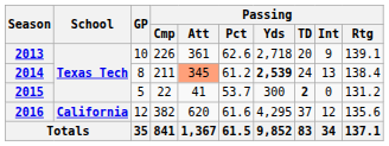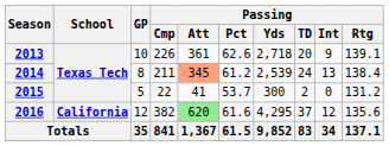 <table class="wikitable" style="text-align:center;">
 <tr>
 <th rowspan="2">Season</th>
 <th rowspan="2">School</th>
 <th rowspan="2">GP</th>
 <th colspan="7">Passing</th>
 </tr>
 <tr>
 <th>Cmp</th>
 <th>Att</th>
 <th>Pct</th>
 <th>Yds</th>
 <th>TD</th>
 <th>Int</th>
 <th>Rtg</th>
 </tr>
 <tr>
 <th><a href='#'>2013</a></th>
 <th rowspan="3"><a href='#'>Texas Tech</a></th>
 <td>10</td>
 <td>226</td>
 <td>361</td>
 <td>62.6</td>
 <td>2,718</td>
 <td>20</td>
 <td>9</td>
 <td>139.1</td>
 </tr>
 <tr>
 <th><a href='#'>2014</a></th>
 <td>8</td>
 <td>211</td>
 <td style="background: lightsalmon;">345</td>
 <td>61.2</td>
-<td><strong>2,539</strong></td>
+<td>2,539</td>
 <td>24</td>
 <td>13</td>
 <td>138.4</td>
 </tr>
 <tr>
 <th><a href='#'>2015</a></th>
 <td>5</td>
 <td>22</td>
 <td>41</td>
 <td>53.7</td>
 <td>300</td>
-<td><strong>2</strong></td>
+<td>2</td>
 <td>0</td>
 <td>131.2</td>
 </tr>
 <tr>
 <th><a href='#'>2016</a></th>
 <th><a href='#'>California</a></th>
 <td>12</td>
 <td>382</td>
-<td>620</td>
+<td style="background: lightgreen;">620</td>
 <td>61.6</td>
 <td>4,295</td>
 <td>37</td>
 <td>12</td>
 <td>135.6</td>
 </tr>
 <tr>
 <th colspan="2">Totals</th>
 <th>35</th>
 <th>841</th>
 <th>1,367</th>
 <th>61.5</th>
 <th>9,852</th>
 <th>83</th>
 <th>34</th>
 <th>137.1</th>
 </tr>
 </table>
